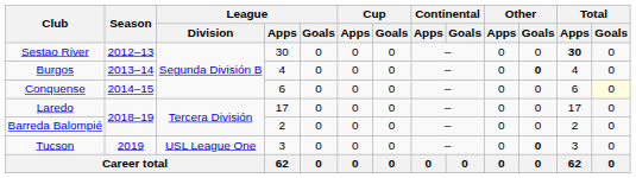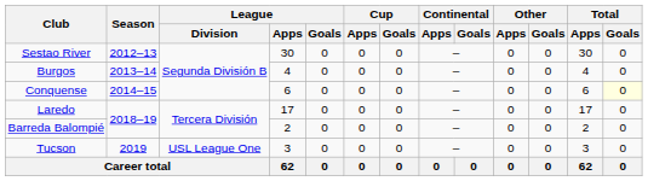 <table class="wikitable" style="text-align: center">
 <tr>
 <th rowspan="2">Club</th>
 <th rowspan="2">Season</th>
 <th colspan="3">League</th>
 <th colspan="2">Cup</th>
 <th colspan="2">Continental</th>
 <th colspan="2">Other</th>
 <th colspan="2">Total</th>
 </tr>
 <tr>
 <th>Division</th>
 <th>Apps</th>
 <th>Goals</th>
 <th>Apps</th>
 <th>Goals</th>
 <th>Apps</th>
 <th>Goals</th>
 <th>Apps</th>
 <th>Goals</th>
 <th>Apps</th>
 <th>Goals</th>
 </tr>
 <tr>
 <td><a href='#'>Sestao River</a></td>
 <td><a href='#'>2012–13</a></td>
 <td rowspan="3"><a href='#'>Segunda División B</a></td>
 <td>30</td>
 <td>0</td>
 <td>0</td>
 <td>0</td>
 <td colspan="2">–</td>
 <td>0</td>
 <td>0</td>
-<td><strong>30</strong></td>
+<td>30</td>
 <td>0</td>
 </tr>
 <tr>
 <td><a href='#'>Burgos</a></td>
 <td><a href='#'>2013–14</a></td>
 <td>4</td>
 <td>0</td>
 <td>0</td>
 <td>0</td>
 <td colspan="2">–</td>
 <td>0</td>
-<td><strong>0</strong></td>
+<td>0</td>
 <td>4</td>
 <td>0</td>
 </tr>
 <tr>
 <td><a href='#'>Conquense</a></td>
 <td><a href='#'>2014–15</a></td>
 <td>6</td>
 <td>0</td>
 <td>0</td>
 <td>0</td>
 <td colspan="2">–</td>
 <td>0</td>
 <td>0</td>
 <td>6</td>
 <td style="background: lightyellow;">0</td>
 </tr>
 <tr>
 <td><a href='#'>Laredo</a></td>
 <td rowspan="2"><a href='#'>2018–19</a></td>
 <td rowspan="2"><a href='#'>Tercera División</a></td>
 <td>17</td>
 <td>0</td>
 <td>0</td>
 <td>0</td>
 <td colspan="2">–</td>
 <td>0</td>
 <td>0</td>
 <td>17</td>
 <td>0</td>
 </tr>
 <tr>
 <td><a href='#'>Barreda Balompié</a></td>
 <td>2</td>
 <td>0</td>
 <td>0</td>
 <td>0</td>
 <td colspan="2">–</td>
 <td>0</td>
 <td>0</td>
 <td>2</td>
 <td>0</td>
 </tr>
 <tr>
 <td><a href='#'>Tucson</a></td>
 <td><a href='#'>2019</a></td>
 <td><a href='#'>USL League One</a></td>
 <td>3</td>
 <td>0</td>
 <td>0</td>
 <td>0</td>
 <td colspan="2">–</td>
 <td>0</td>
-<td><strong>0</strong></td>
+<td>0</td>
 <td>3</td>
 <td>0</td>
 </tr>
 <tr>
 <th colspan="3"><strong>Career total</strong></th>
 <th>62</th>
 <th>0</th>
 <th>0</th>
 <th>0</th>
 <th>0</th>
 <th>0</th>
 <th>0</th>
 <th>0</th>
 <th>62</th>
 <th>0</th>
 </tr>
 </table>
